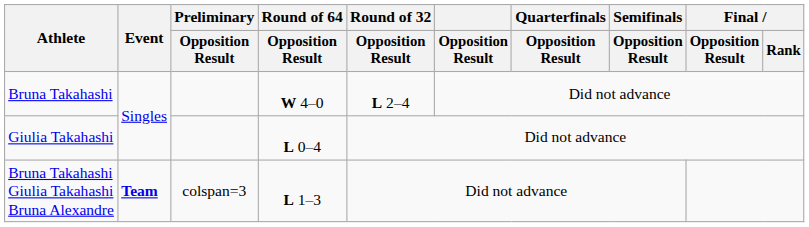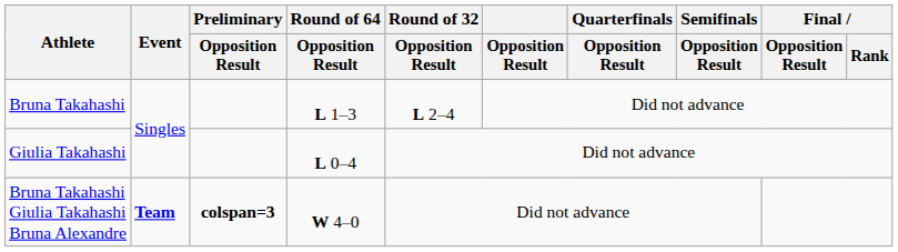 <table class=wikitable style=font-size:90%;text-align:center>
 <tr>
 <th rowspan=2>Athlete</th>
 <th rowspan=2>Event</th>
 <th>Preliminary</th>
 <th>Round of 64</th>
 <th>Round of 32</th>
 <th></th>
 <th>Quarterfinals</th>
 <th>Semifinals</th>
 <th colspan=2>Final / </th>
 </tr>
 <tr style=font-size:95%>
 <th>Opposition<br>Result</th>
 <th>Opposition<br>Result</th>
 <th>Opposition<br>Result</th>
 <th>Opposition<br>Result</th>
 <th>Opposition<br>Result</th>
 <th>Opposition<br>Result</th>
 <th>Opposition<br>Result</th>
 <th>Rank</th>
 </tr>
 <tr>
 <td align=left><a href='#'>Bruna Takahashi</a></td>
 <td align=left rowspan=2><a href='#'>Singles</a></td>
 <td></td>
-<td><br><strong>W</strong> 4–0</td>
+<td><br><strong>L</strong> 1–3</td>
 <td><br><strong>L</strong> 2–4</td>
 <td colspan=5>Did not advance</td>
 </tr>
 <tr align=center>
 <td align=left><a href='#'>Giulia Takahashi</a></td>
 <td></td>
 <td><br><strong>L</strong> 0–4</td>
 <td colspan=6>Did not advance</td>
 </tr>
 <tr>
 <td align=left><a href='#'>Bruna Takahashi</a><br><a href='#'>Giulia Takahashi</a><br><a href='#'>Bruna Alexandre</a></td>
 <td align=left><strong><a href='#'>Team</a></strong></td>
-<td>colspan=3 </td>
-<td><br><strong>L</strong> 1–3</td>
+<td><strong>colspan=3 </strong></td>
+<td><br><strong>W</strong> 4–0</td>
 <td colspan=4>Did not advance</td>
 </tr>
 </table>
